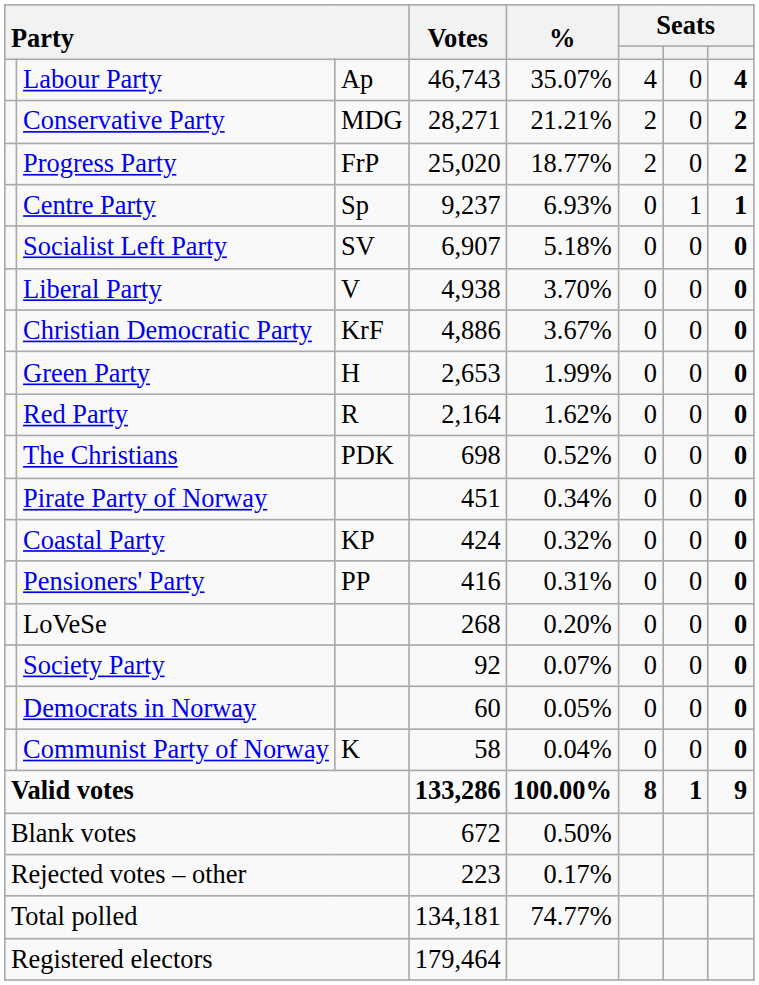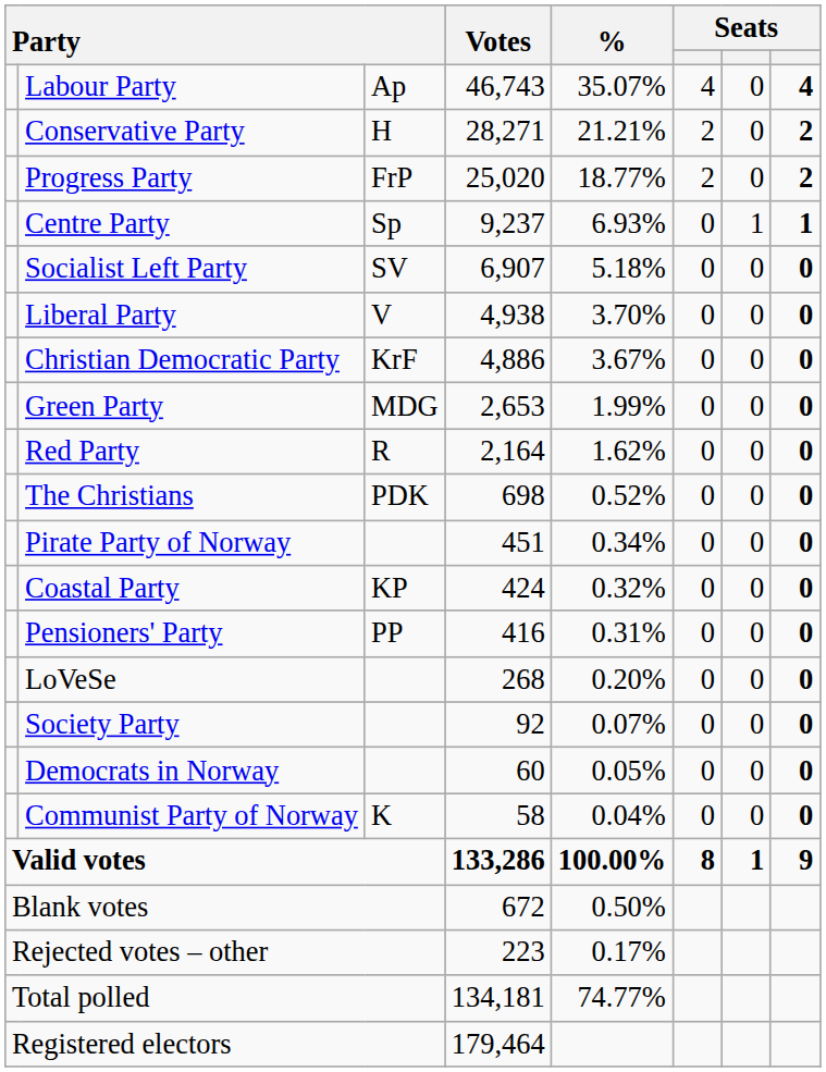 <table class="wikitable" border="1" style="text-align:right;">
 <tr>
 <th style="text-align:left;" valign=bottom rowspan=2 colspan=3>Party</th>
 <th align=center valign=bottom rowspan=2 width="50">Votes</th>
 <th align=center valign=bottom rowspan=2 width="50">%</th>
 <th colspan=3>Seats</th>
 </tr>
 <tr>
 <th align=center valign=bottom width="20"><small></small></th>
 <th align=center valign=bottom width="20"><small><a href='#'></a></small></th>
 <th align=center valign=bottom width="20"><small></small></th>
 </tr>
 <tr>
 <td style="color:inherit;background:"></td>
 <td align=left><a href='#'>Labour Party</a></td>
 <td align=left>Ap</td>
 <td>46,743</td>
 <td>35.07%</td>
 <td>4</td>
 <td>0</td>
 <td><strong>4</strong></td>
 </tr>
 <tr>
 <td style="color:inherit;background:"></td>
 <td align=left><a href='#'>Conservative Party</a></td>
-<td align=left>MDG</td>
+<td align=left>H</td>
 <td>28,271</td>
 <td>21.21%</td>
 <td>2</td>
 <td>0</td>
 <td><strong>2</strong></td>
 </tr>
 <tr>
 <td style="color:inherit;background:"></td>
 <td align=left><a href='#'>Progress Party</a></td>
 <td align=left>FrP</td>
 <td>25,020</td>
 <td>18.77%</td>
 <td>2</td>
 <td>0</td>
 <td><strong>2</strong></td>
 </tr>
 <tr>
 <td style="color:inherit;background:"></td>
 <td align=left><a href='#'>Centre Party</a></td>
 <td align=left>Sp</td>
 <td>9,237</td>
 <td>6.93%</td>
 <td>0</td>
 <td>1</td>
 <td><strong>1</strong></td>
 </tr>
 <tr>
 <td style="color:inherit;background:"></td>
 <td align=left><a href='#'>Socialist Left Party</a></td>
 <td align=left>SV</td>
 <td>6,907</td>
 <td>5.18%</td>
 <td>0</td>
 <td>0</td>
 <td><strong>0</strong></td>
 </tr>
 <tr>
 <td style="color:inherit;background:"></td>
 <td align=left><a href='#'>Liberal Party</a></td>
 <td align=left>V</td>
 <td>4,938</td>
 <td>3.70%</td>
 <td>0</td>
 <td>0</td>
 <td><strong>0</strong></td>
 </tr>
 <tr>
 <td style="color:inherit;background:"></td>
 <td align=left><a href='#'>Christian Democratic Party</a></td>
 <td align=left>KrF</td>
 <td>4,886</td>
 <td>3.67%</td>
 <td>0</td>
 <td>0</td>
 <td><strong>0</strong></td>
 </tr>
 <tr>
 <td style="color:inherit;background:"></td>
 <td align=left><a href='#'>Green Party</a></td>
-<td align=left>H</td>
+<td align=left>MDG</td>
 <td>2,653</td>
 <td>1.99%</td>
 <td>0</td>
 <td>0</td>
 <td><strong>0</strong></td>
 </tr>
 <tr>
 <td style="color:inherit;background:"></td>
 <td align=left><a href='#'>Red Party</a></td>
 <td align=left>R</td>
 <td>2,164</td>
 <td>1.62%</td>
 <td>0</td>
 <td>0</td>
 <td><strong>0</strong></td>
 </tr>
 <tr>
 <td style="color:inherit;background:"></td>
 <td align=left><a href='#'>The Christians</a></td>
 <td align=left>PDK</td>
 <td>698</td>
 <td>0.52%</td>
 <td>0</td>
 <td>0</td>
 <td><strong>0</strong></td>
 </tr>
 <tr>
 <td style="color:inherit;background:"></td>
 <td align=left><a href='#'>Pirate Party of Norway</a></td>
 <td align=left></td>
 <td>451</td>
 <td>0.34%</td>
 <td>0</td>
 <td>0</td>
 <td><strong>0</strong></td>
 </tr>
 <tr>
 <td style="color:inherit;background:"></td>
 <td align=left><a href='#'>Coastal Party</a></td>
 <td align=left>KP</td>
 <td>424</td>
 <td>0.32%</td>
 <td>0</td>
 <td>0</td>
 <td><strong>0</strong></td>
 </tr>
 <tr>
 <td style="color:inherit;background:"></td>
 <td align=left><a href='#'>Pensioners' Party</a></td>
 <td align=left>PP</td>
 <td>416</td>
 <td>0.31%</td>
 <td>0</td>
 <td>0</td>
 <td><strong>0</strong></td>
 </tr>
 <tr>
 <td></td>
 <td align=left>LoVeSe</td>
 <td align=left></td>
 <td>268</td>
 <td>0.20%</td>
 <td>0</td>
 <td>0</td>
 <td><strong>0</strong></td>
 </tr>
 <tr>
 <td style="color:inherit;background:"></td>
 <td align=left><a href='#'>Society Party</a></td>
 <td align=left></td>
 <td>92</td>
 <td>0.07%</td>
 <td>0</td>
 <td>0</td>
 <td><strong>0</strong></td>
 </tr>
 <tr>
 <td style="color:inherit;background:"></td>
 <td align=left><a href='#'>Democrats in Norway</a></td>
 <td align=left></td>
 <td>60</td>
 <td>0.05%</td>
 <td>0</td>
 <td>0</td>
 <td><strong>0</strong></td>
 </tr>
 <tr>
 <td style="color:inherit;background:"></td>
 <td align=left><a href='#'>Communist Party of Norway</a></td>
 <td align=left>K</td>
 <td>58</td>
 <td>0.04%</td>
 <td>0</td>
 <td>0</td>
 <td><strong>0</strong></td>
 </tr>
 <tr style="font-weight:bold">
 <td align=left colspan=3>Valid votes</td>
 <td>133,286</td>
 <td>100.00%</td>
 <td>8</td>
 <td>1</td>
 <td>9</td>
 </tr>
 <tr>
 <td align=left colspan=3>Blank votes</td>
 <td>672</td>
 <td>0.50%</td>
 <td></td>
 <td></td>
 <td></td>
 </tr>
 <tr>
 <td align=left colspan=3>Rejected votes – other</td>
 <td>223</td>
 <td>0.17%</td>
 <td></td>
 <td></td>
 <td></td>
 </tr>
 <tr>
 <td align=left colspan=3>Total polled</td>
 <td>134,181</td>
 <td>74.77%</td>
 <td></td>
 <td></td>
 <td></td>
 </tr>
 <tr>
 <td align=left colspan=3>Registered electors</td>
 <td>179,464</td>
 <td></td>
 <td></td>
 <td></td>
 <td></td>
 </tr>
 </table>
